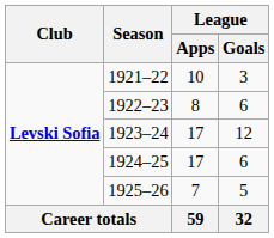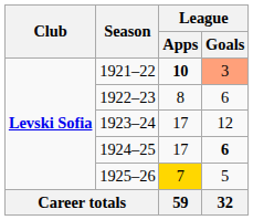 <table class="wikitable" style="font-size:90%; text-align: center;">
 <tr>
 <th rowspan="2">Club</th>
 <th rowspan="2">Season</th>
 <th colspan="2">League</th>
 </tr>
 <tr>
 <th>Apps</th>
 <th>Goals</th>
 </tr>
 <tr>
 <td rowspan="5" valign="center"><strong><a href='#'>Levski Sofia</a></strong></td>
 <td>1921–22</td>
-<td>10</td>
-<td>3</td>
+<td><strong>10</strong></td>
+<td style="background: lightsalmon;">3</td>
 </tr>
 <tr>
 <td>1922–23</td>
 <td>8</td>
 <td>6</td>
 </tr>
 <tr>
 <td>1923–24</td>
 <td>17</td>
 <td>12</td>
 </tr>
 <tr>
 <td>1924–25</td>
 <td>17</td>
-<td>6</td>
+<td><strong>6</strong></td>
 </tr>
 <tr>
 <td>1925–26</td>
-<td>7</td>
+<td style="background: gold;">7</td>
 <td>5</td>
 </tr>
 <tr>
 <th colspan="2">Career totals</th>
 <th>59</th>
 <th>32</th>
 </tr>
 </table>
